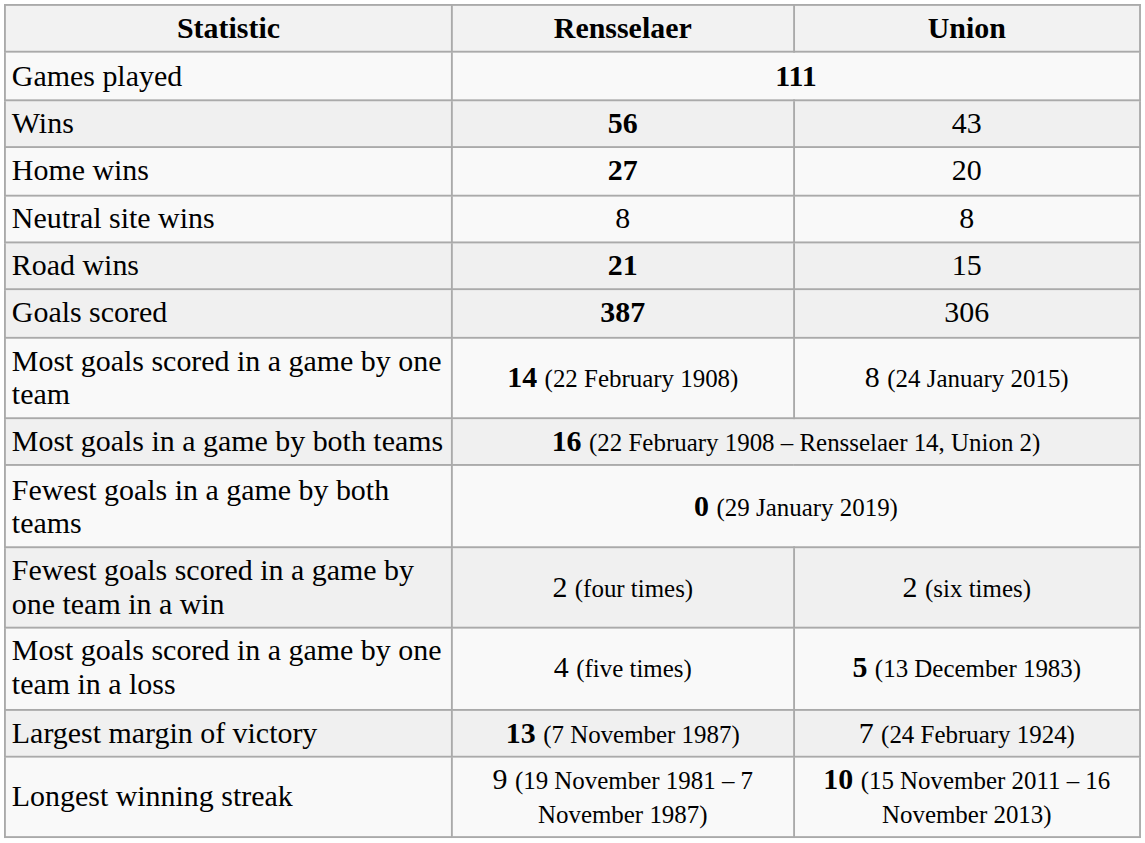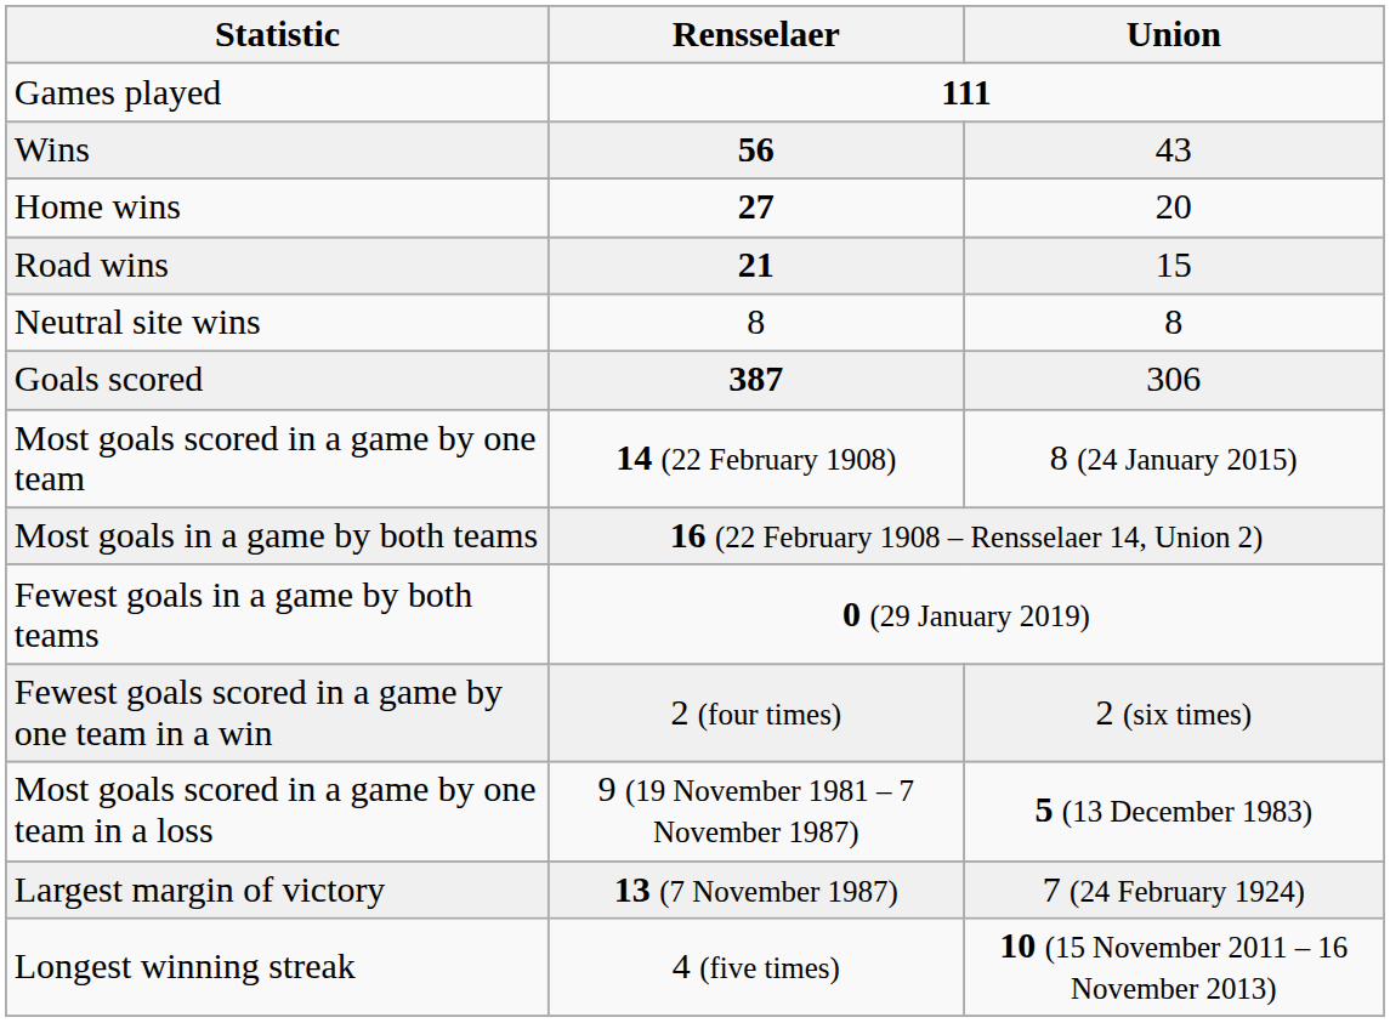 <table class="wikitable">
 <tr>
 <th>Statistic</th>
 <th>Rensselaer</th>
 <th>Union</th>
 </tr>
 <tr>
 <td>Games played</td>
 <td align=center colspan=2><strong>111</strong></td>
 </tr>
 <tr bgcolor=f0f0f0>
 <td>Wins</td>
 <td align=center><strong>56</strong></td>
 <td align=center>43</td>
 </tr>
 <tr>
 <td>Home wins</td>
 <td align=center><strong>27</strong></td>
 <td align=center>20</td>
 </tr>
+<tr bgcolor=f0f0f0>
+<td>Road wins</td>
+<td align=center><strong>21</strong></td>
+<td align=center>15</td>
+</tr>
 <tr>
 <td>Neutral site wins</td>
 <td align=center>8</td>
 <td align=center>8</td>
-</tr>
-<tr bgcolor=f0f0f0>
-<td>Road wins</td>
-<td align=center><strong>21</strong></td>
-<td align=center>15</td>
 </tr>
 <tr bgcolor=f0f0f0>
 <td>Goals scored</td>
 <td align=center><strong>387</strong></td>
 <td align=center>306</td>
 </tr>
 <tr>
 <td>Most goals scored in a game by one team</td>
 <td align=center><strong>14</strong> <small>(22 February 1908)</small></td>
 <td align=center>8 <small>(24 January 2015)</small></td>
 </tr>
 <tr bgcolor=f0f0f0>
 <td>Most goals in a game by both teams</td>
 <td align=center colspan=2><strong>16</strong> <small>(22 February 1908 – Rensselaer 14, Union 2)</small></td>
 </tr>
 <tr>
 <td>Fewest goals in a game by both teams</td>
 <td align=center colspan=2><strong>0</strong> <small>(29 January 2019)</small></td>
 </tr>
 <tr bgcolor=f0f0f0>
 <td>Fewest goals scored in a game by one team in a win</td>
 <td align=center>2 <small>(four times)</small></td>
 <td align=center>2 <small>(six times)</small></td>
 </tr>
 <tr>
 <td>Most goals scored in a game by one team in a loss</td>
-<td align=center>4 <small>(five times)</small></td>
+<td align=center>9 <small>(19 November 1981 – 7 November 1987)</small></td>
 <td align=center><strong>5</strong> <small>(13 December 1983)</small></td>
 </tr>
 <tr bgcolor=f0f0f0>
 <td>Largest margin of victory</td>
 <td align=center><strong>13</strong> <small>(7 November 1987)</small></td>
 <td align=center>7 <small>(24 February 1924)</small></td>
 </tr>
 <tr>
 <td>Longest winning streak</td>
-<td align=center>9 <small>(19 November 1981 – 7 November 1987)</small></td>
+<td align=center>4 <small>(five times)</small></td>
 <td align=center><strong>10</strong> <small>(15 November 2011 – 16 November 2013)</small><br></td>
 </tr>
 </table>
